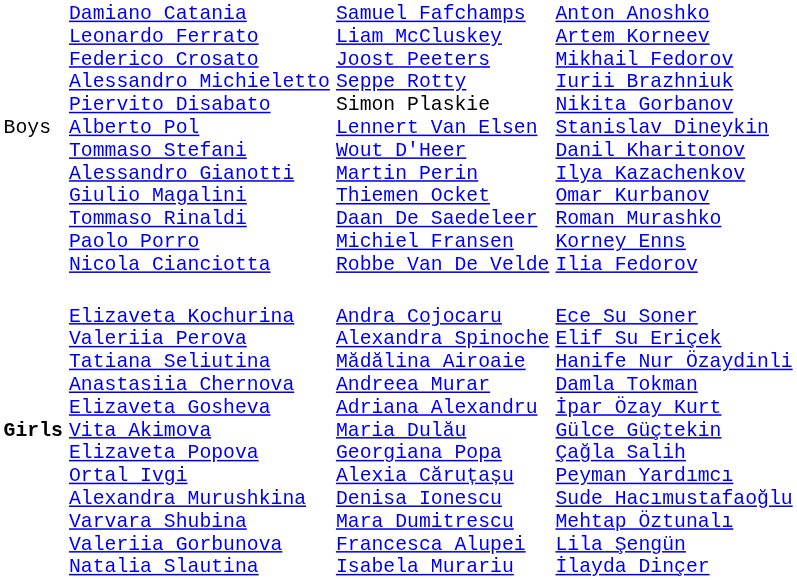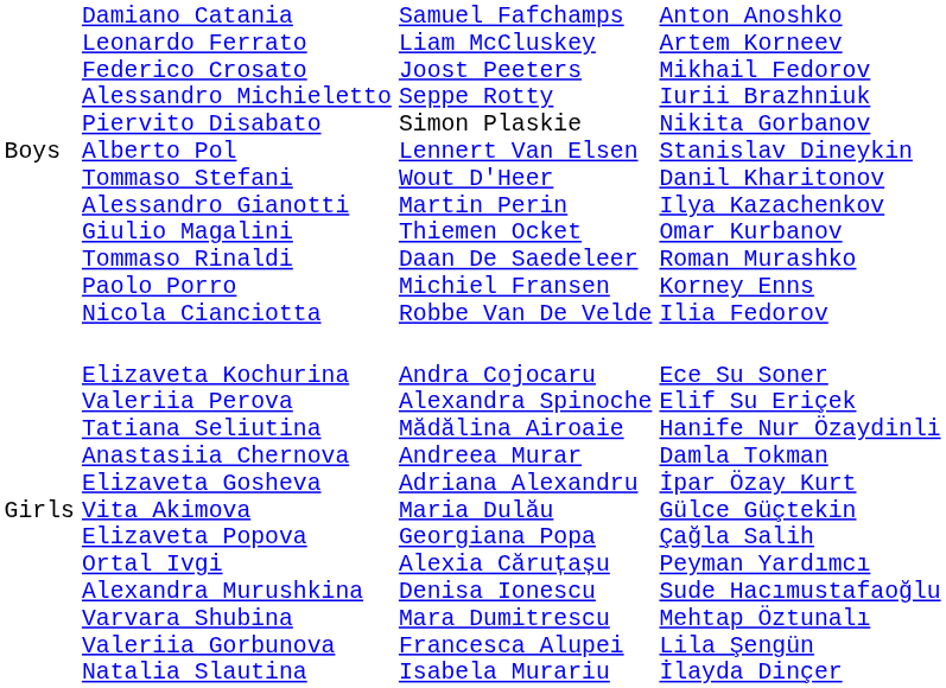 <table>
 <tr>
 <td>Boys<br></td>
 <td><br><a href='#'>Damiano Catania</a><br><a href='#'>Leonardo Ferrato</a><br><a href='#'>Federico Crosato</a><br><a href='#'>Alessandro Michieletto</a><br><a href='#'>Piervito Disabato</a><br><a href='#'>Alberto Pol</a><br><a href='#'>Tommaso Stefani</a><br><a href='#'>Alessandro Gianotti</a><br><a href='#'>Giulio Magalini</a><br><a href='#'>Tommaso Rinaldi</a><br><a href='#'>Paolo Porro</a><br><a href='#'>Nicola Cianciotta</a></td>
 <td><br><a href='#'>Samuel Fafchamps</a><br><a href='#'>Liam McCluskey</a><br><a href='#'>Joost Peeters</a><br><a href='#'>Seppe Rotty</a><br>Simon Plaskie<br><a href='#'>Lennert Van Elsen</a><br><a href='#'>Wout D'Heer</a><br><a href='#'>Martin Perin</a><br><a href='#'>Thiemen Ocket</a><br><a href='#'>Daan De Saedeleer</a><br><a href='#'>Michiel Fransen</a><br><a href='#'>Robbe Van De Velde</a></td>
 <td><br><a href='#'>Anton Anoshko</a><br><a href='#'>Artem Korneev</a><br><a href='#'>Mikhail Fedorov</a><br><a href='#'>Iurii Brazhniuk</a><br><a href='#'>Nikita Gorbanov</a><br><a href='#'>Stanislav Dineykin</a><br><a href='#'>Danil Kharitonov</a><br><a href='#'>Ilya Kazachenkov</a><br><a href='#'>Omar Kurbanov</a><br><a href='#'>Roman Murashko</a><br><a href='#'>Korney Enns</a><br><a href='#'>Ilia Fedorov</a></td>
 </tr>
 <tr>
-<td><strong>Girls<br></strong></td>
+<td>Girls<br></td>
 <td><br><a href='#'>Elizaveta Kochurina</a><br><a href='#'>Valeriia Perova</a><br><a href='#'>Tatiana Seliutina</a><br><a href='#'>Anastasiia Chernova</a><br><a href='#'>Elizaveta Gosheva</a><br><a href='#'>Vita Akimova</a><br><a href='#'>Elizaveta Popova</a><br><a href='#'>Ortal Ivgi</a><br><a href='#'>Alexandra Murushkina</a><br><a href='#'>Varvara Shubina</a><br><a href='#'>Valeriia Gorbunova</a><br><a href='#'>Natalia Slautina</a></td>
 <td><br><a href='#'>Andra Cojocaru</a><br><a href='#'>Alexandra Spinoche</a><br><a href='#'>Mădălina Airoaie</a><br><a href='#'>Andreea Murar</a><br><a href='#'>Adriana Alexandru</a><br><a href='#'>Maria Dulău</a><br><a href='#'>Georgiana Popa</a><br><a href='#'>Alexia Căruțașu</a><br><a href='#'>Denisa Ionescu</a><br><a href='#'>Mara Dumitrescu</a><br><a href='#'>Francesca Alupei</a><br><a href='#'>Isabela Murariu</a></td>
 <td><br><a href='#'>Ece Su Soner</a><br><a href='#'>Elif Su Eriçek</a><br><a href='#'>Hanife Nur Özaydinli</a><br><a href='#'>Damla Tokman</a><br><a href='#'>İpar Özay Kurt</a><br><a href='#'>Gülce Güçtekin</a><br><a href='#'>Çağla Salih</a><br><a href='#'>Peyman Yardımcı</a><br><a href='#'>Sude Hacımustafaoğlu</a><br><a href='#'>Mehtap Öztunalı</a><br><a href='#'>Lila Şengün</a><br><a href='#'>İlayda Dinçer</a></td>
 </tr>
 </table>
